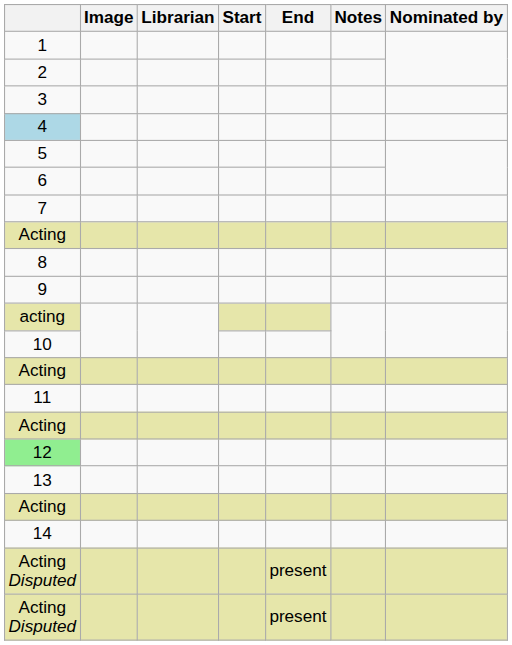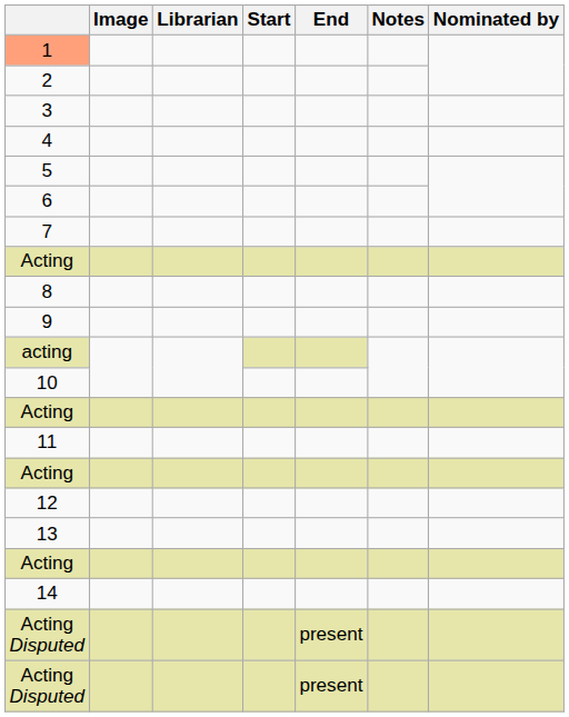 <table class="wikitable sortable" style="text-align:center;">
 <tr>
 <th></th>
 <th class=unsortable>Image</th>
 <th>Librarian</th>
 <th>Start</th>
 <th>End</th>
 <th>Notes</th>
 <th>Nominated by</th>
 </tr>
 <tr>
-<td>1</td>
+<td style="background: lightsalmon;">1</td>
 <td></td>
 <td></td>
 <td></td>
 <td></td>
 <td></td>
 <td rowspan=2></td>
 </tr>
 <tr>
 <td>2</td>
 <td></td>
 <td></td>
 <td></td>
 <td></td>
 <td></td>
 </tr>
 <tr>
 <td>3</td>
 <td></td>
 <td></td>
 <td></td>
 <td></td>
 <td></td>
 <td></td>
 </tr>
 <tr>
-<td style="background: lightblue;">4</td>
+<td>4</td>
 <td></td>
 <td></td>
 <td></td>
 <td></td>
 <td></td>
 <td></td>
 </tr>
 <tr>
 <td>5</td>
 <td></td>
 <td></td>
 <td></td>
 <td></td>
 <td></td>
 <td rowspan=2></td>
 </tr>
 <tr>
 <td>6</td>
 <td></td>
 <td></td>
 <td></td>
 <td></td>
 <td></td>
 </tr>
 <tr>
 <td>7</td>
 <td></td>
 <td></td>
 <td></td>
 <td></td>
 <td></td>
 <td></td>
 </tr>
 <tr bgcolor="#e6e6aa">
 <td>Acting</td>
 <td></td>
 <td></td>
 <td></td>
 <td></td>
 <td></td>
 <td></td>
 </tr>
 <tr>
 <td>8</td>
 <td></td>
 <td></td>
 <td></td>
 <td></td>
 <td></td>
 <td></td>
 </tr>
 <tr>
 <td>9</td>
 <td></td>
 <td></td>
 <td></td>
 <td></td>
 <td></td>
 <td></td>
 </tr>
 <tr>
 <td bgcolor="#e6e6aa">acting</td>
 <td rowspan=2></td>
 <td rowspan=2></td>
 <td bgcolor="#e6e6aa"></td>
 <td bgcolor="#e6e6aa"></td>
 <td rowspan=2></td>
 <td rowspan=2></td>
 </tr>
 <tr>
 <td>10</td>
 <td></td>
 <td></td>
 </tr>
 <tr bgcolor="#e6e6aa">
 <td>Acting</td>
 <td></td>
 <td></td>
 <td></td>
 <td></td>
 <td></td>
 <td></td>
 </tr>
 <tr>
 <td>11</td>
 <td></td>
 <td></td>
 <td></td>
 <td></td>
 <td></td>
 <td></td>
 </tr>
 <tr bgcolor="#e6e6aa">
 <td>Acting</td>
 <td></td>
 <td></td>
 <td></td>
 <td></td>
 <td></td>
 <td></td>
 </tr>
 <tr>
-<td style="background: lightgreen;">12</td>
+<td>12</td>
 <td></td>
 <td></td>
 <td></td>
 <td></td>
 <td></td>
 <td></td>
 </tr>
 <tr>
 <td>13</td>
 <td></td>
 <td></td>
 <td></td>
 <td></td>
 <td></td>
 <td></td>
 </tr>
 <tr bgcolor="#e6e6aa">
 <td>Acting</td>
 <td></td>
 <td></td>
 <td></td>
 <td></td>
 <td></td>
 <td></td>
 </tr>
 <tr>
 <td>14</td>
 <td></td>
 <td></td>
 <td></td>
 <td></td>
 <td></td>
 <td></td>
 </tr>
 <tr bgcolor="#e6e6aa">
 <td>Acting<br><em>Disputed</em></td>
 <td></td>
 <td></td>
 <td></td>
 <td>present</td>
 <td></td>
 <td></td>
 </tr>
 <tr bgcolor="#e6e6aa">
 <td>Acting<br><em>Disputed</em></td>
 <td></td>
 <td></td>
 <td></td>
 <td>present</td>
 <td></td>
 <td></td>
 </tr>
 </table>
